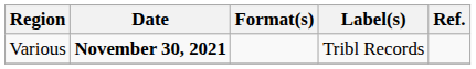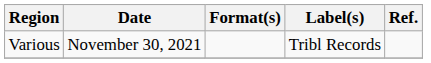 <table class="wikitable plainrowheaders">
 <tr>
 <th scope="col">Region</th>
 <th scope="col">Date</th>
 <th scope="col">Format(s)</th>
 <th scope="col">Label(s)</th>
 <th scope="col">Ref.</th>
 </tr>
 <tr>
 <td>Various</td>
-<td><strong>November 30, 2021</strong></td>
+<td>November 30, 2021</td>
 <td></td>
 <td>Tribl Records</td>
 <td></td>
 </tr>
 <tr>
 </tr>
 </table>
